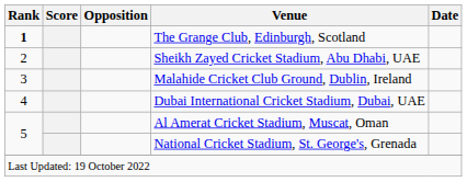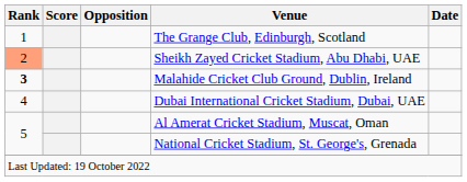 <table class="wikitable plainrowheaders sortable">
 <tr>
 <th scope=col>Rank</th>
 <th scope=col>Score</th>
 <th scope=col>Opposition</th>
 <th scope=col>Venue</th>
 <th scope=col>Date</th>
 </tr>
 <tr>
-<td align=center><strong>1</strong></td>
+<td align=center>1</td>
 <th scope=row style=text-align:center;></th>
 <td></td>
 <td><a href='#'>The Grange Club</a>, <a href='#'>Edinburgh</a>, Scotland</td>
 <td></td>
 </tr>
 <tr>
-<td align=center>2</td>
+<td align=center style="background: lightsalmon;">2</td>
 <th scope=row style=text-align:center;></th>
 <td></td>
 <td><a href='#'>Sheikh Zayed Cricket Stadium</a>, <a href='#'>Abu Dhabi</a>, UAE</td>
 <td></td>
 </tr>
 <tr>
-<td align=center>3</td>
+<td align=center><strong>3</strong></td>
 <th scope=row style=text-align:center;></th>
 <td></td>
 <td><a href='#'>Malahide Cricket Club Ground</a>, <a href='#'>Dublin</a>, Ireland</td>
 <td></td>
 </tr>
 <tr>
 <td align=center>4</td>
 <th scope=row style=text-align:center;></th>
 <td></td>
 <td><a href='#'>Dubai International Cricket Stadium</a>, <a href='#'>Dubai</a>, UAE</td>
 <td></td>
 </tr>
 <tr>
 <td align=center rowspan=2>5</td>
 <th scope=row style=text-align:center;></th>
 <td></td>
 <td><a href='#'>Al Amerat Cricket Stadium</a>, <a href='#'>Muscat</a>, Oman</td>
 <td></td>
 </tr>
 <tr>
 <th scope=row style=text-align:center;></th>
 <td></td>
 <td><a href='#'>National Cricket Stadium</a>, <a href='#'>St. George's</a>, Grenada</td>
 <td></td>
 </tr>
 <tr>
 </tr>
 <tr class=sortbottom>
 <td colspan=5><small>Last Updated: 19 October 2022</small></td>
 </tr>
 </table>
